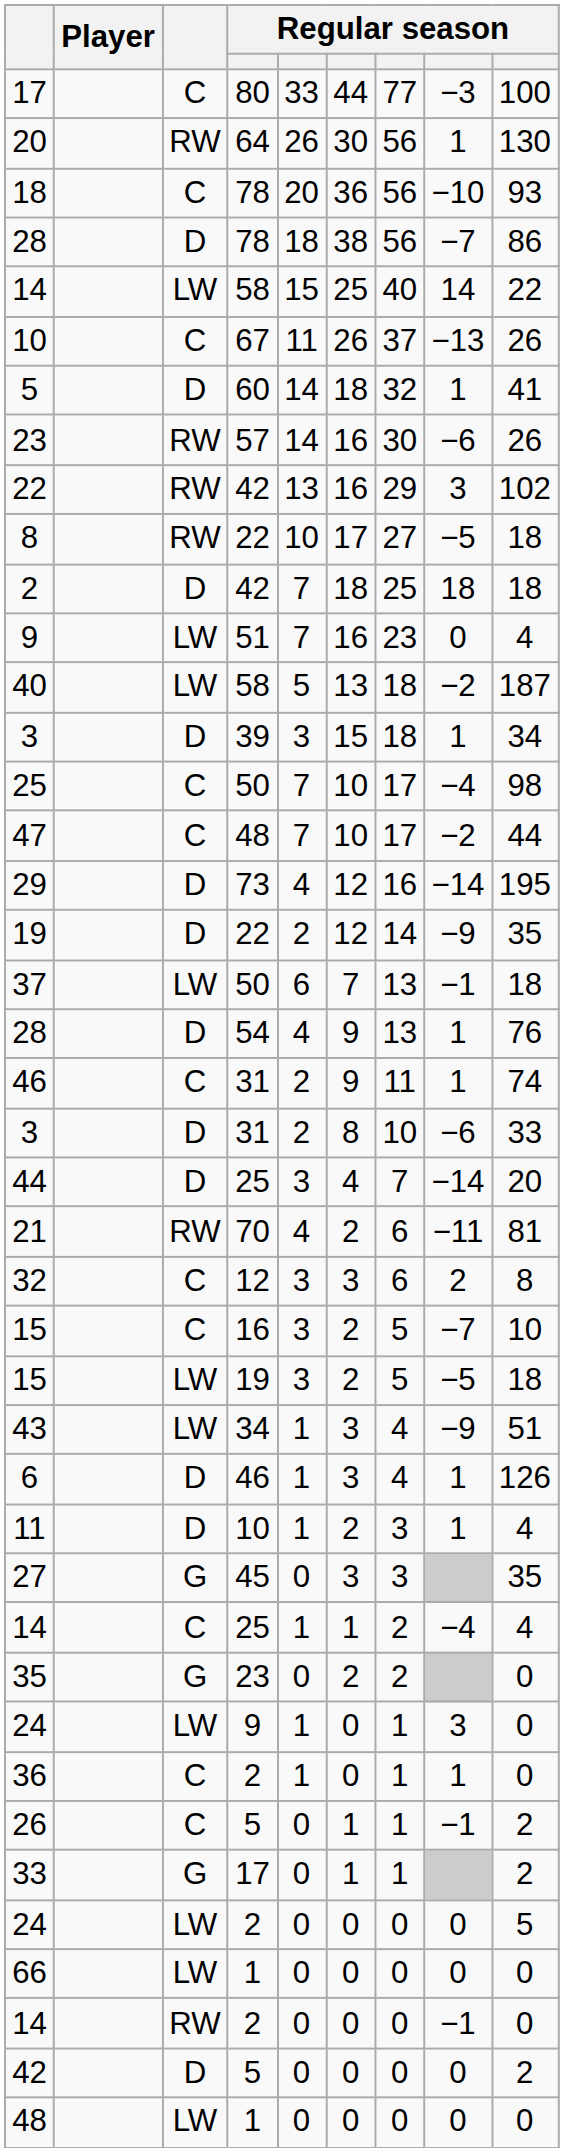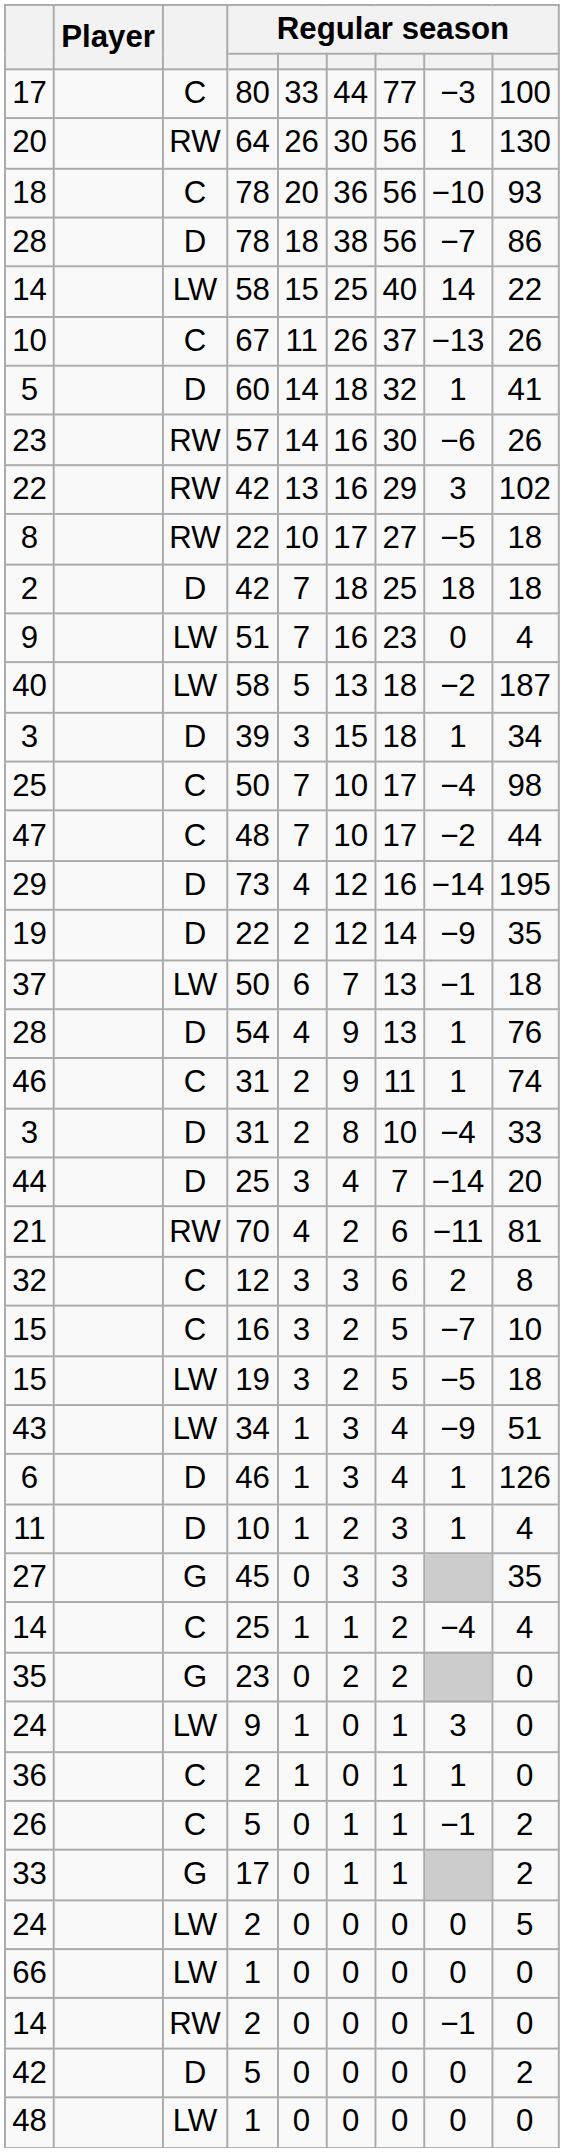 <table class="wikitable sortable plainrowheaders" style="text-align:center;">
 <tr>
 <th scope="col" data-sort-type="number" rowspan="2"></th>
 <th scope="col" rowspan="2">Player</th>
 <th scope="col" rowspan="2"></th>
 <th scope=colgroup colspan=6>Regular season</th>
 </tr>
 <tr>
 <th scope="col" data-sort-type="number"></th>
 <th scope="col" data-sort-type="number"></th>
 <th scope="col" data-sort-type="number"></th>
 <th scope="col" data-sort-type="number"></th>
 <th scope="col" data-sort-type="number"></th>
 <th scope="col" data-sort-type="number"></th>
 </tr>
 <tr>
 <td scope="row">17</td>
 <td align="left"></td>
 <td>C</td>
 <td>80</td>
 <td>33</td>
 <td>44</td>
 <td>77</td>
 <td>−3</td>
 <td>100</td>
 </tr>
 <tr>
 <td scope="row">20</td>
 <td align="left"></td>
 <td>RW</td>
 <td>64</td>
 <td>26</td>
 <td>30</td>
 <td>56</td>
 <td>1</td>
 <td>130</td>
 </tr>
 <tr>
 <td scope="row">18</td>
 <td align="left"></td>
 <td>C</td>
 <td>78</td>
 <td>20</td>
 <td>36</td>
 <td>56</td>
 <td>−10</td>
 <td>93</td>
 </tr>
 <tr>
 <td scope="row">28</td>
 <td align="left"></td>
 <td>D</td>
 <td>78</td>
 <td>18</td>
 <td>38</td>
 <td>56</td>
 <td>−7</td>
 <td>86</td>
 </tr>
 <tr>
 <td scope="row">14</td>
 <td align="left"></td>
 <td>LW</td>
 <td>58</td>
 <td>15</td>
 <td>25</td>
 <td>40</td>
 <td>14</td>
 <td>22</td>
 </tr>
 <tr>
 <td scope="row">10</td>
 <td align="left"></td>
 <td>C</td>
 <td>67</td>
 <td>11</td>
 <td>26</td>
 <td>37</td>
 <td>−13</td>
 <td>26</td>
 </tr>
 <tr>
 <td scope="row">5</td>
 <td align="left"></td>
 <td>D</td>
 <td>60</td>
 <td>14</td>
 <td>18</td>
 <td>32</td>
 <td>1</td>
 <td>41</td>
 </tr>
 <tr>
 <td scope="row">23</td>
 <td align="left"></td>
 <td>RW</td>
 <td>57</td>
 <td>14</td>
 <td>16</td>
 <td>30</td>
 <td>−6</td>
 <td>26</td>
 </tr>
 <tr>
 <td scope="row">22</td>
 <td align="left"></td>
 <td>RW</td>
 <td>42</td>
 <td>13</td>
 <td>16</td>
 <td>29</td>
 <td>3</td>
 <td>102</td>
 </tr>
 <tr>
 <td scope="row">8</td>
 <td align="left"></td>
 <td>RW</td>
 <td>22</td>
 <td>10</td>
 <td>17</td>
 <td>27</td>
 <td>−5</td>
 <td>18</td>
 </tr>
 <tr>
 <td scope="row">2</td>
 <td align="left"></td>
 <td>D</td>
 <td>42</td>
 <td>7</td>
 <td>18</td>
 <td>25</td>
 <td>18</td>
 <td>18</td>
 </tr>
 <tr>
 <td scope="row">9</td>
 <td align="left"></td>
 <td>LW</td>
 <td>51</td>
 <td>7</td>
 <td>16</td>
 <td>23</td>
 <td>0</td>
 <td>4</td>
 </tr>
 <tr>
 <td scope="row">40</td>
 <td align="left"></td>
 <td>LW</td>
 <td>58</td>
 <td>5</td>
 <td>13</td>
 <td>18</td>
 <td>−2</td>
 <td>187</td>
 </tr>
 <tr>
 <td scope="row">3</td>
 <td align="left"></td>
 <td>D</td>
 <td>39</td>
 <td>3</td>
 <td>15</td>
 <td>18</td>
 <td>1</td>
 <td>34</td>
 </tr>
 <tr>
 <td scope="row">25</td>
 <td align="left"></td>
 <td>C</td>
 <td>50</td>
 <td>7</td>
 <td>10</td>
 <td>17</td>
 <td>−4</td>
 <td>98</td>
 </tr>
 <tr>
 <td scope="row">47</td>
 <td align="left"></td>
 <td>C</td>
 <td>48</td>
 <td>7</td>
 <td>10</td>
 <td>17</td>
 <td>−2</td>
 <td>44</td>
 </tr>
 <tr>
 <td scope="row">29</td>
 <td align="left"></td>
 <td>D</td>
 <td>73</td>
 <td>4</td>
 <td>12</td>
 <td>16</td>
 <td>−14</td>
 <td>195</td>
 </tr>
 <tr>
 <td scope="row">19</td>
 <td align="left"></td>
 <td>D</td>
 <td>22</td>
 <td>2</td>
 <td>12</td>
 <td>14</td>
 <td>−9</td>
 <td>35</td>
 </tr>
 <tr>
 <td scope="row">37</td>
 <td align="left"></td>
 <td>LW</td>
 <td>50</td>
 <td>6</td>
 <td>7</td>
 <td>13</td>
 <td>−1</td>
 <td>18</td>
 </tr>
 <tr>
 <td scope="row">28</td>
 <td align="left"></td>
 <td>D</td>
 <td>54</td>
 <td>4</td>
 <td>9</td>
 <td>13</td>
 <td>1</td>
 <td>76</td>
 </tr>
 <tr>
 <td scope="row">46</td>
 <td align="left"></td>
 <td>C</td>
 <td>31</td>
 <td>2</td>
 <td>9</td>
 <td>11</td>
 <td>1</td>
 <td>74</td>
 </tr>
 <tr>
 <td scope="row">3</td>
 <td align="left"></td>
 <td>D</td>
 <td>31</td>
 <td>2</td>
 <td>8</td>
 <td>10</td>
-<td>−6</td>
+<td>−4</td>
 <td>33</td>
 </tr>
 <tr>
 <td scope="row">44</td>
 <td align="left"></td>
 <td>D</td>
 <td>25</td>
 <td>3</td>
 <td>4</td>
 <td>7</td>
 <td>−14</td>
 <td>20</td>
 </tr>
 <tr>
 <td scope="row">21</td>
 <td align="left"></td>
 <td>RW</td>
 <td>70</td>
 <td>4</td>
 <td>2</td>
 <td>6</td>
 <td>−11</td>
 <td>81</td>
 </tr>
 <tr>
 <td scope="row">32</td>
 <td align="left"></td>
 <td>C</td>
 <td>12</td>
 <td>3</td>
 <td>3</td>
 <td>6</td>
 <td>2</td>
 <td>8</td>
 </tr>
 <tr>
 <td scope="row">15</td>
 <td align="left"></td>
 <td>C</td>
 <td>16</td>
 <td>3</td>
 <td>2</td>
 <td>5</td>
 <td>−7</td>
 <td>10</td>
 </tr>
 <tr>
 <td scope="row">15</td>
 <td align="left"></td>
 <td>LW</td>
 <td>19</td>
 <td>3</td>
 <td>2</td>
 <td>5</td>
 <td>−5</td>
 <td>18</td>
 </tr>
 <tr>
 <td scope="row">43</td>
 <td align="left"></td>
 <td>LW</td>
 <td>34</td>
 <td>1</td>
 <td>3</td>
 <td>4</td>
 <td>−9</td>
 <td>51</td>
 </tr>
 <tr>
 <td scope="row">6</td>
 <td align="left"></td>
 <td>D</td>
 <td>46</td>
 <td>1</td>
 <td>3</td>
 <td>4</td>
 <td>1</td>
 <td>126</td>
 </tr>
 <tr>
 <td scope="row">11</td>
 <td align="left"></td>
 <td>D</td>
 <td>10</td>
 <td>1</td>
 <td>2</td>
 <td>3</td>
 <td>1</td>
 <td>4</td>
 </tr>
 <tr>
 <td scope="row">27</td>
 <td align="left"></td>
 <td>G</td>
 <td>45</td>
 <td>0</td>
 <td>3</td>
 <td>3</td>
 <td style="background:#ccc"></td>
 <td>35</td>
 </tr>
 <tr>
 <td scope="row">14</td>
 <td align="left"></td>
 <td>C</td>
 <td>25</td>
 <td>1</td>
 <td>1</td>
 <td>2</td>
 <td>−4</td>
 <td>4</td>
 </tr>
 <tr>
 <td scope="row">35</td>
 <td align="left"></td>
 <td>G</td>
 <td>23</td>
 <td>0</td>
 <td>2</td>
 <td>2</td>
 <td style="background:#ccc"></td>
 <td>0</td>
 </tr>
 <tr>
 <td scope="row">24</td>
 <td align="left"></td>
 <td>LW</td>
 <td>9</td>
 <td>1</td>
 <td>0</td>
 <td>1</td>
 <td>3</td>
 <td>0</td>
 </tr>
 <tr>
 <td scope="row">36</td>
 <td align="left"></td>
 <td>C</td>
 <td>2</td>
 <td>1</td>
 <td>0</td>
 <td>1</td>
 <td>1</td>
 <td>0</td>
 </tr>
 <tr>
 <td scope="row">26</td>
 <td align="left"></td>
 <td>C</td>
 <td>5</td>
 <td>0</td>
 <td>1</td>
 <td>1</td>
 <td>−1</td>
 <td>2</td>
 </tr>
 <tr>
 <td scope="row">33</td>
 <td align="left"></td>
 <td>G</td>
 <td>17</td>
 <td>0</td>
 <td>1</td>
 <td>1</td>
 <td style="background:#ccc"></td>
 <td>2</td>
 </tr>
 <tr>
 <td scope="row">24</td>
 <td align="left"></td>
 <td>LW</td>
 <td>2</td>
 <td>0</td>
 <td>0</td>
 <td>0</td>
 <td>0</td>
 <td>5</td>
 </tr>
 <tr>
 <td scope="row">66</td>
 <td align="left"></td>
 <td>LW</td>
 <td>1</td>
 <td>0</td>
 <td>0</td>
 <td>0</td>
 <td>0</td>
 <td>0</td>
 </tr>
 <tr>
 <td scope="row">14</td>
 <td align="left"></td>
 <td>RW</td>
 <td>2</td>
 <td>0</td>
 <td>0</td>
 <td>0</td>
 <td>−1</td>
 <td>0</td>
 </tr>
 <tr>
 <td scope="row">42</td>
 <td align="left"></td>
 <td>D</td>
 <td>5</td>
 <td>0</td>
 <td>0</td>
 <td>0</td>
 <td>0</td>
 <td>2</td>
 </tr>
 <tr>
 <td scope="row">48</td>
 <td align="left"></td>
 <td>LW</td>
 <td>1</td>
 <td>0</td>
 <td>0</td>
 <td>0</td>
 <td>0</td>
 <td>0</td>
 </tr>
 </table>
